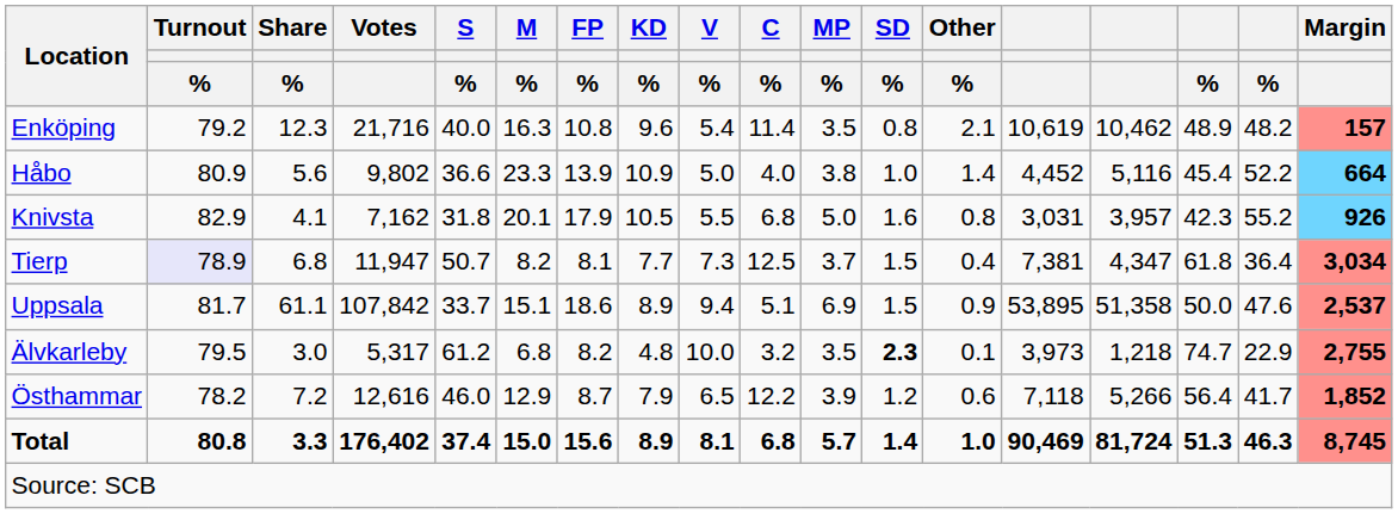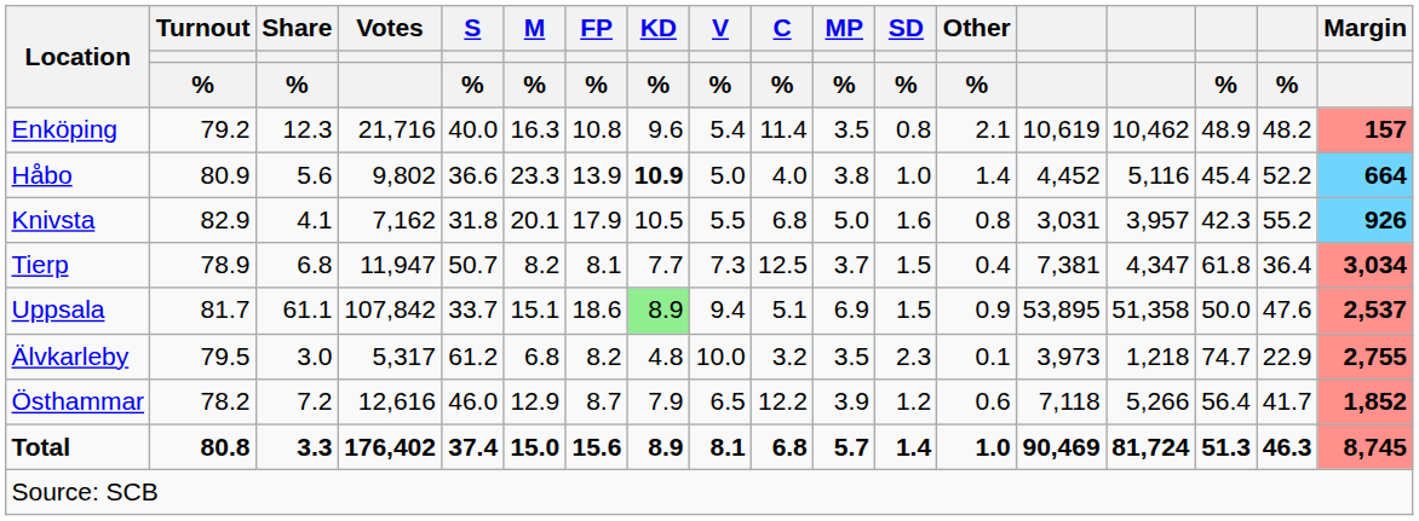 <table class="wikitable sortable" style="text-align:right; font-size:95%; line-height:20px;">
 <tr>
 <th rowspan="3">Location</th>
 <th>Turnout</th>
 <th>Share</th>
 <th>Votes</th>
 <th width="30px" class="unsortable"><a href='#'>S</a></th>
 <th width="30px" class="unsortable"><a href='#'>M</a></th>
 <th width="30px" class="unsortable"><a href='#'>FP</a></th>
 <th width="30px" class="unsortable"><a href='#'>KD</a></th>
 <th width="30px" class="unsortable"><a href='#'>V</a></th>
 <th width="30px" class="unsortable"><a href='#'>C</a></th>
 <th width="30px" class="unsortable"><a href='#'>MP</a></th>
 <th width="30px" class="unsortable"><a href='#'>SD</a></th>
 <th width="30px" class="unsortable">Other</th>
 <th></th>
 <th></th>
 <th></th>
 <th></th>
 <th>Margin</th>
 </tr>
 <tr>
 <th></th>
 <th></th>
 <th></th>
 <th style="background:"></th>
 <th style="background:"></th>
 <th style="background:"></th>
 <th style="background:"></th>
 <th style="background:"></th>
 <th style="background:"></th>
 <th style="background:"></th>
 <th style="background:"></th>
 <th style="background:"></th>
 <th style="background:"></th>
 <th style="background:"></th>
 <th style="background:"></th>
 <th style="background:"></th>
 <th></th>
 </tr>
 <tr>
 <th data-sort-type="number">%</th>
 <th data-sort-type="number">%</th>
 <th></th>
 <th data-sort-type="number">%</th>
 <th data-sort-type="number">%</th>
 <th data-sort-type="number">%</th>
 <th data-sort-type="number">%</th>
 <th data-sort-type="number">%</th>
 <th data-sort-type="number">%</th>
 <th data-sort-type="number">%</th>
 <th data-sort-type="number">%</th>
 <th data-sort-type="number">%</th>
 <th data-sort-type="number"></th>
 <th data-sort-type="number"></th>
 <th data-sort-type="number">%</th>
 <th data-sort-type="number">%</th>
 <th data-sort-type="number"></th>
 </tr>
 <tr>
 <td align=left><a href='#'>Enköping</a></td>
 <td>79.2</td>
 <td>12.3</td>
 <td>21,716</td>
 <td>40.0</td>
 <td>16.3</td>
 <td>10.8</td>
 <td>9.6</td>
 <td>5.4</td>
 <td>11.4</td>
 <td>3.5</td>
 <td>0.8</td>
 <td>2.1</td>
 <td>10,619</td>
 <td>10,462</td>
 <td>48.9</td>
 <td>48.2</td>
 <td bgcolor=#ff908c><strong>157</strong></td>
 </tr>
 <tr>
 <td align=left><a href='#'>Håbo</a></td>
 <td>80.9</td>
 <td>5.6</td>
 <td>9,802</td>
 <td>36.6</td>
 <td>23.3</td>
 <td>13.9</td>
-<td>10.9</td>
+<td><strong>10.9</strong></td>
 <td>5.0</td>
 <td>4.0</td>
 <td>3.8</td>
 <td>1.0</td>
 <td>1.4</td>
 <td>4,452</td>
 <td>5,116</td>
 <td>45.4</td>
 <td>52.2</td>
 <td bgcolor=#6fd5fe><strong>664</strong></td>
 </tr>
 <tr>
 <td align=left><a href='#'>Knivsta</a></td>
 <td>82.9</td>
 <td>4.1</td>
 <td>7,162</td>
 <td>31.8</td>
 <td>20.1</td>
 <td>17.9</td>
 <td>10.5</td>
 <td>5.5</td>
 <td>6.8</td>
 <td>5.0</td>
 <td>1.6</td>
 <td>0.8</td>
 <td>3,031</td>
 <td>3,957</td>
 <td>42.3</td>
 <td>55.2</td>
 <td bgcolor=#6fd5fe><strong>926</strong></td>
 </tr>
 <tr>
 <td align=left><a href='#'>Tierp</a></td>
-<td style="background: lavender;">78.9</td>
+<td>78.9</td>
 <td>6.8</td>
 <td>11,947</td>
 <td>50.7</td>
 <td>8.2</td>
 <td>8.1</td>
 <td>7.7</td>
 <td>7.3</td>
 <td>12.5</td>
 <td>3.7</td>
 <td>1.5</td>
 <td>0.4</td>
 <td>7,381</td>
 <td>4,347</td>
 <td>61.8</td>
 <td>36.4</td>
 <td bgcolor=#ff908c><strong>3,034</strong></td>
 </tr>
 <tr>
 <td align=left><a href='#'>Uppsala</a></td>
 <td>81.7</td>
 <td>61.1</td>
 <td>107,842</td>
 <td>33.7</td>
 <td>15.1</td>
 <td>18.6</td>
-<td>8.9</td>
+<td style="background: lightgreen;">8.9</td>
 <td>9.4</td>
 <td>5.1</td>
 <td>6.9</td>
 <td>1.5</td>
 <td>0.9</td>
 <td>53,895</td>
 <td>51,358</td>
 <td>50.0</td>
 <td>47.6</td>
 <td bgcolor=#ff908c><strong>2,537</strong></td>
 </tr>
 <tr>
 <td align=left><a href='#'>Älvkarleby</a></td>
 <td>79.5</td>
 <td>3.0</td>
 <td>5,317</td>
 <td>61.2</td>
 <td>6.8</td>
 <td>8.2</td>
 <td>4.8</td>
 <td>10.0</td>
 <td>3.2</td>
 <td>3.5</td>
-<td><strong>2.3</strong></td>
+<td>2.3</td>
 <td>0.1</td>
 <td>3,973</td>
 <td>1,218</td>
 <td>74.7</td>
 <td>22.9</td>
 <td bgcolor=#ff908c><strong>2,755</strong></td>
 </tr>
 <tr>
 <td align=left><a href='#'>Östhammar</a></td>
 <td>78.2</td>
 <td>7.2</td>
 <td>12,616</td>
 <td>46.0</td>
 <td>12.9</td>
 <td>8.7</td>
 <td>7.9</td>
 <td>6.5</td>
 <td>12.2</td>
 <td>3.9</td>
 <td>1.2</td>
 <td>0.6</td>
 <td>7,118</td>
 <td>5,266</td>
 <td>56.4</td>
 <td>41.7</td>
 <td bgcolor=#ff908c><strong>1,852</strong></td>
 </tr>
 <tr>
 <td align=left><strong>Total</strong></td>
 <td><strong>80.8</strong></td>
 <td><strong>3.3</strong></td>
 <td><strong>176,402</strong></td>
 <td><strong>37.4</strong></td>
 <td><strong>15.0</strong></td>
 <td><strong>15.6</strong></td>
 <td><strong>8.9</strong></td>
 <td><strong>8.1</strong></td>
 <td><strong>6.8</strong></td>
 <td><strong>5.7</strong></td>
 <td><strong>1.4</strong></td>
 <td><strong>1.0</strong></td>
 <td><strong>90,469</strong></td>
 <td><strong>81,724</strong></td>
 <td><strong>51.3</strong></td>
 <td><strong>46.3</strong></td>
 <td bgcolor=#ff908c><strong>8,745</strong></td>
 </tr>
 <tr>
 <td align=left colspan=18>Source: SCB </td>
 </tr>
 </table>
